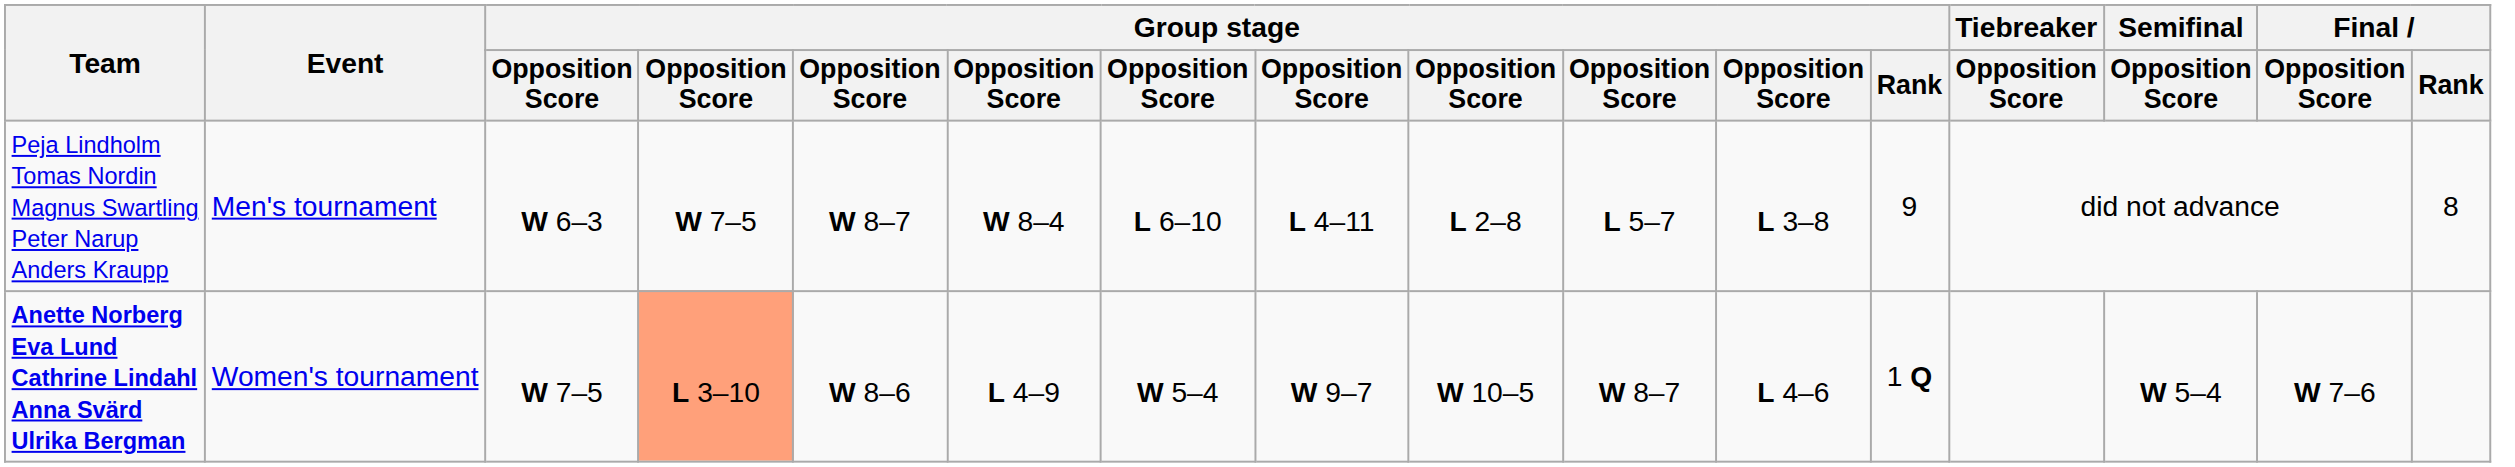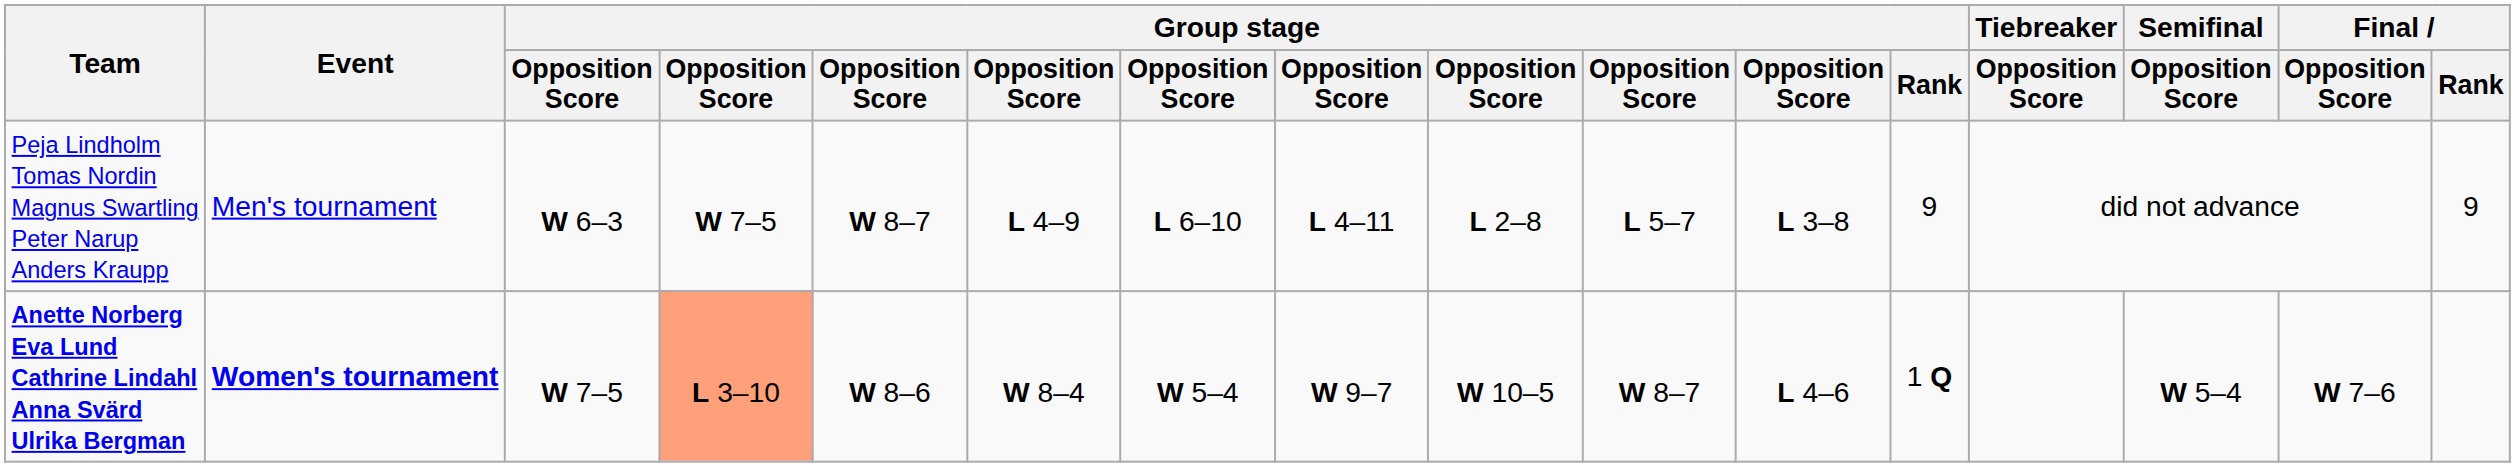 <table class="wikitable" style="font-size:90%">
 <tr>
 <th rowspan=2>Team</th>
 <th rowspan=2>Event</th>
 <th colspan=10>Group stage</th>
 <th>Tiebreaker</th>
 <th>Semifinal</th>
 <th colspan=2>Final / </th>
 </tr>
 <tr style="font-size:95%">
 <th>Opposition<br>Score</th>
 <th>Opposition<br>Score</th>
 <th>Opposition<br>Score</th>
 <th>Opposition<br>Score</th>
 <th>Opposition<br>Score</th>
 <th>Opposition<br>Score</th>
 <th>Opposition<br>Score</th>
 <th>Opposition<br>Score</th>
 <th>Opposition<br>Score</th>
 <th>Rank</th>
 <th>Opposition<br>Score</th>
 <th>Opposition<br>Score</th>
 <th>Opposition<br>Score</th>
 <th>Rank</th>
 </tr>
 <tr align=center>
 <td align=left><small><a href='#'>Peja Lindholm</a><br><a href='#'>Tomas Nordin</a><br><a href='#'>Magnus Swartling</a><br><a href='#'>Peter Narup</a><br><a href='#'>Anders Kraupp</a></small></td>
 <td align=left><a href='#'>Men's tournament</a></td>
 <td><br> <strong>W</strong> 6–3</td>
 <td><br> <strong>W</strong> 7–5</td>
 <td><br> <strong>W</strong> 8–7</td>
-<td><br> <strong>W</strong> 8–4</td>
+<td><br> <strong>L</strong> 4–9</td>
 <td><br> <strong>L</strong> 6–10</td>
 <td><br> <strong>L</strong> 4–11</td>
 <td><br> <strong>L</strong> 2–8</td>
 <td><br> <strong>L</strong> 5–7</td>
 <td><br> <strong>L</strong> 3–8</td>
 <td>9</td>
 <td colspan=3>did not advance</td>
-<td>8</td>
+<td>9</td>
 </tr>
 <tr align=center>
 <td align=left><strong><small><a href='#'>Anette Norberg</a><br><a href='#'>Eva Lund</a><br><a href='#'>Cathrine Lindahl</a><br><a href='#'>Anna Svärd</a><br><a href='#'>Ulrika Bergman</a></small></strong></td>
-<td align=left><a href='#'>Women's tournament</a></td>
+<td align=left><strong><a href='#'>Women's tournament</a></strong></td>
 <td><br> <strong>W</strong> 7–5</td>
 <td style="background: lightsalmon;"><br> <strong>L</strong> 3–10</td>
 <td><br> <strong>W</strong> 8–6</td>
-<td><br> <strong>L</strong> 4–9</td>
+<td><br> <strong>W</strong> 8–4</td>
 <td><br> <strong>W</strong> 5–4</td>
 <td><br> <strong>W</strong> 9–7</td>
 <td><br> <strong>W</strong> 10–5</td>
 <td><br> <strong>W</strong> 8–7</td>
 <td><br> <strong>L</strong> 4–6</td>
 <td>1 <strong>Q</strong></td>
 <td></td>
 <td><br> <strong>W</strong> 5–4</td>
 <td><br> <strong>W</strong> 7–6</td>
 <td></td>
 </tr>
 </table>
